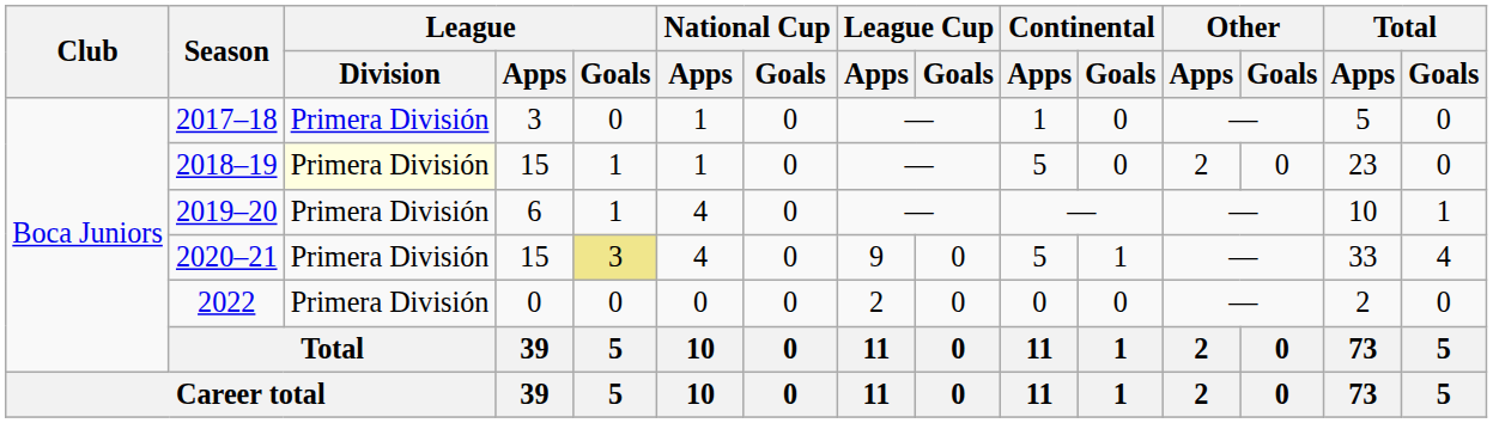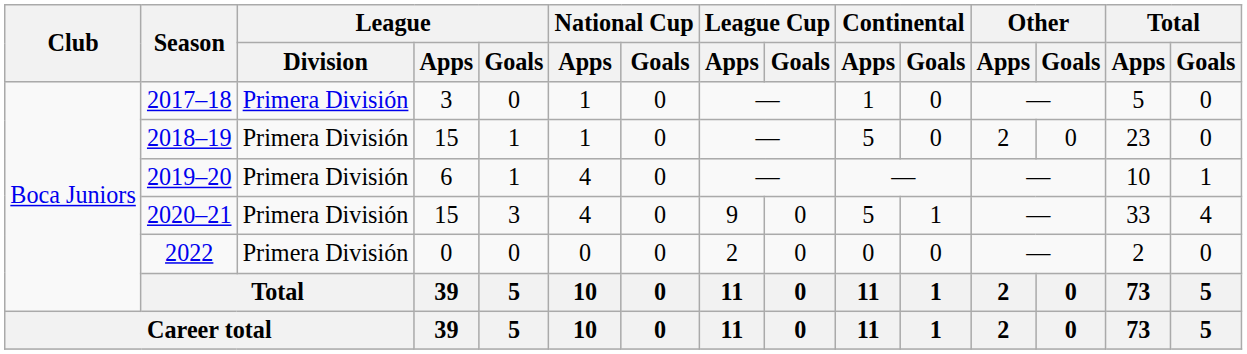 <table class="wikitable" style="text-align: center">
 <tr>
 <th rowspan="2">Club</th>
 <th rowspan="2">Season</th>
 <th colspan="3">League</th>
 <th colspan="2">National Cup</th>
 <th colspan="2">League Cup</th>
 <th colspan="2">Continental</th>
 <th colspan="2">Other</th>
 <th colspan="2">Total</th>
 </tr>
 <tr>
 <th>Division</th>
 <th>Apps</th>
 <th>Goals</th>
 <th>Apps</th>
 <th>Goals</th>
 <th>Apps</th>
 <th>Goals</th>
 <th>Apps</th>
 <th>Goals</th>
 <th>Apps</th>
 <th>Goals</th>
 <th>Apps</th>
 <th>Goals</th>
 </tr>
 <tr>
 <td rowspan="6"><a href='#'>Boca Juniors</a></td>
 <td><a href='#'>2017–18</a></td>
 <td><a href='#'>Primera División</a></td>
 <td>3</td>
 <td>0</td>
 <td>1</td>
 <td>0</td>
 <td colspan="2">—</td>
 <td>1</td>
 <td>0</td>
 <td colspan="2">—</td>
 <td>5</td>
 <td>0</td>
 </tr>
 <tr>
 <td><a href='#'>2018–19</a></td>
-<td style="background: lightyellow;">Primera División</td>
+<td>Primera División</td>
 <td>15</td>
 <td>1</td>
 <td>1</td>
 <td>0</td>
 <td colspan="2">—</td>
 <td>5</td>
 <td>0</td>
 <td>2</td>
 <td>0</td>
 <td>23</td>
 <td>0</td>
 </tr>
 <tr>
 <td><a href='#'>2019–20</a></td>
 <td>Primera División</td>
 <td>6</td>
 <td>1</td>
 <td>4</td>
 <td>0</td>
 <td colspan="2">—</td>
 <td colspan="2">—</td>
 <td colspan="2">—</td>
 <td>10</td>
 <td>1</td>
 </tr>
 <tr>
 <td><a href='#'>2020–21</a></td>
 <td>Primera División</td>
 <td>15</td>
-<td style="background: khaki;">3</td>
+<td>3</td>
 <td>4</td>
 <td>0</td>
 <td>9</td>
 <td>0</td>
 <td>5</td>
 <td>1</td>
 <td colspan="2">—</td>
 <td>33</td>
 <td>4</td>
 </tr>
 <tr>
 <td><a href='#'>2022</a></td>
 <td>Primera División</td>
 <td>0</td>
 <td>0</td>
 <td>0</td>
 <td>0</td>
 <td>2</td>
 <td>0</td>
 <td>0</td>
 <td>0</td>
 <td colspan="2">—</td>
 <td>2</td>
 <td>0</td>
 </tr>
 <tr>
 <th colspan="2">Total</th>
 <th>39</th>
 <th>5</th>
 <th>10</th>
 <th>0</th>
 <th>11</th>
 <th>0</th>
 <th>11</th>
 <th>1</th>
 <th>2</th>
 <th>0</th>
 <th>73</th>
 <th>5</th>
 </tr>
 <tr>
 <th colspan="3">Career total</th>
 <th>39</th>
 <th>5</th>
 <th>10</th>
 <th>0</th>
 <th>11</th>
 <th>0</th>
 <th>11</th>
 <th>1</th>
 <th>2</th>
 <th>0</th>
 <th>73</th>
 <th>5</th>
 </tr>
 </table>
